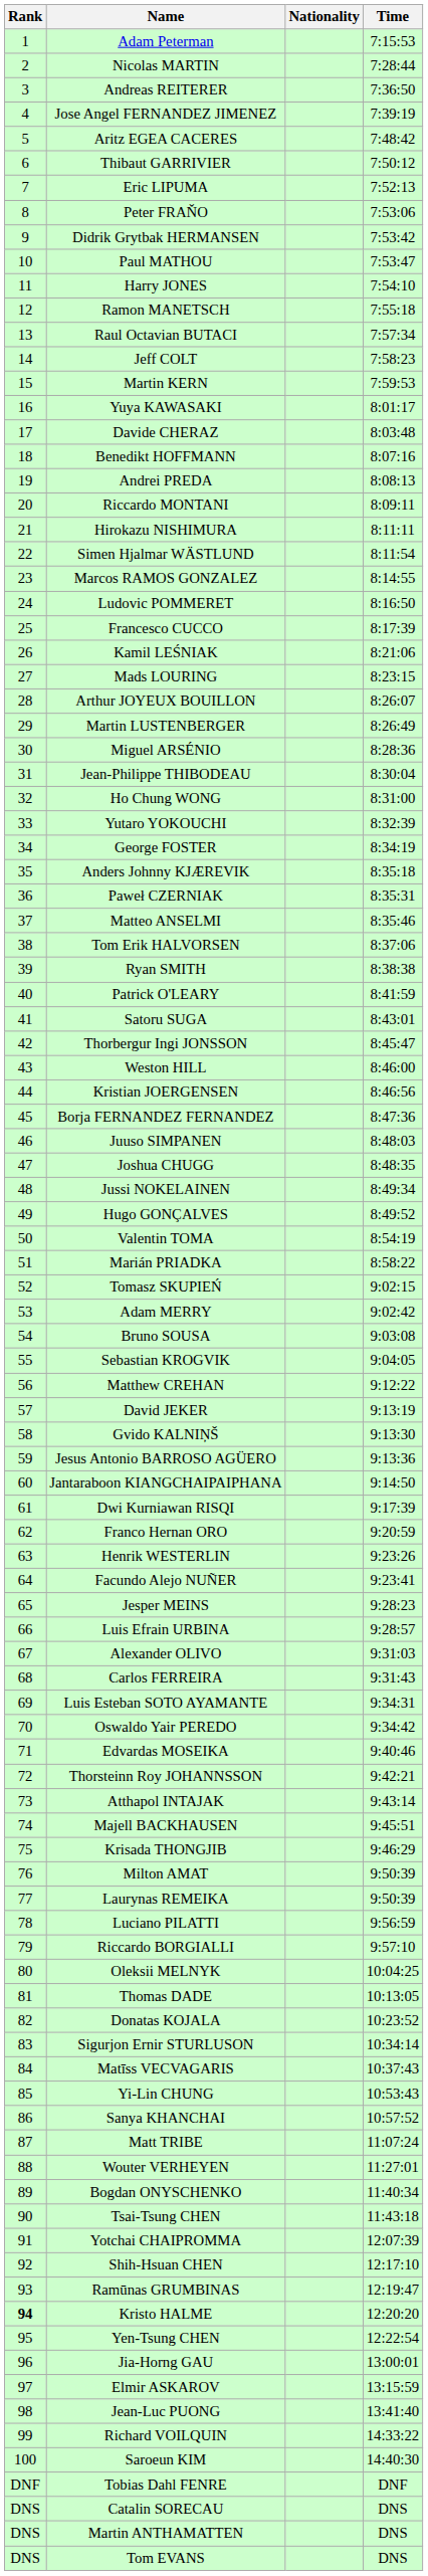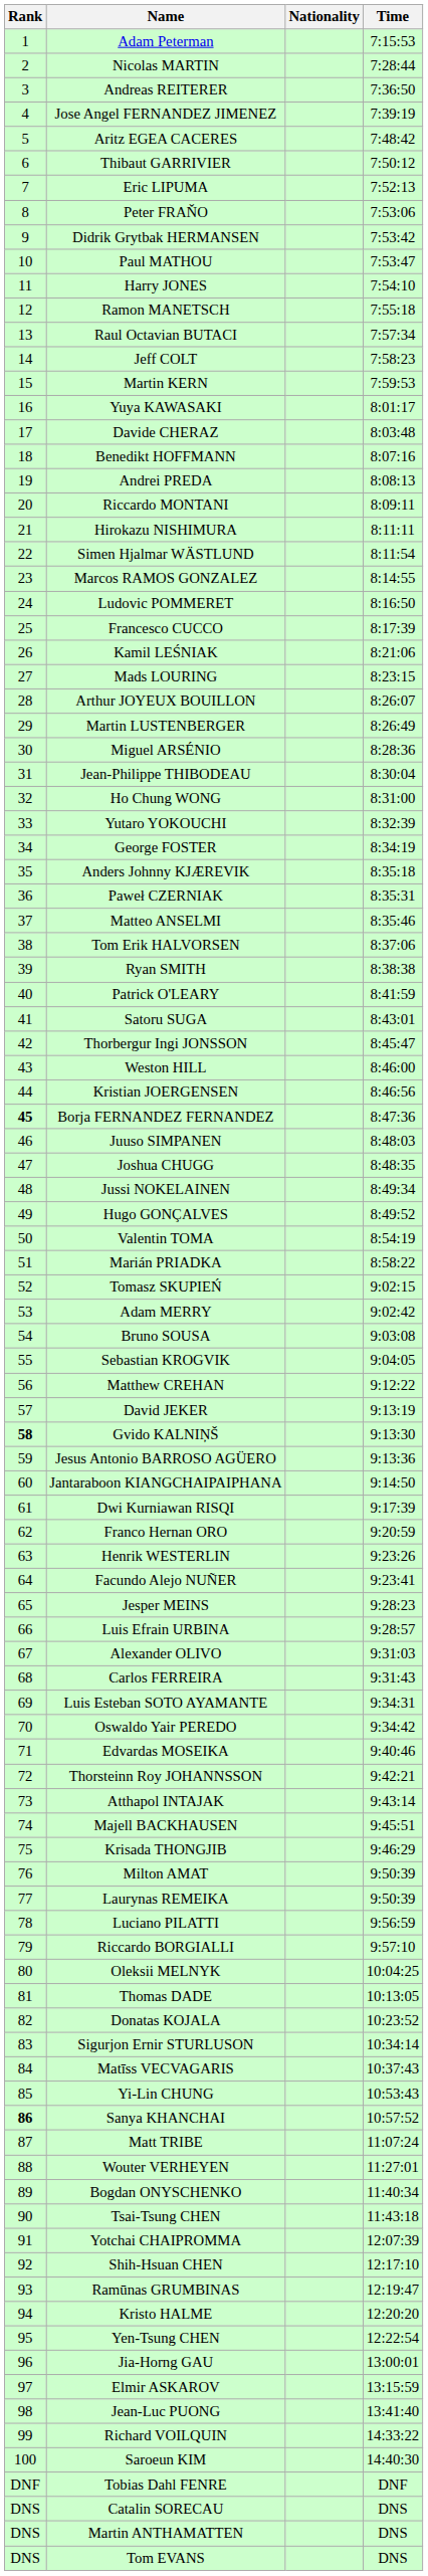 <table class="wikitable sortable" style="text-align:center;font-size:95%">
 <tr>
 <th>Rank</th>
 <th>Name</th>
 <th>Nationality</th>
 <th>Time</th>
 </tr>
 <tr bgcolor=ccffcc>
 <td>1</td>
 <td><a href='#'>Adam Peterman</a></td>
 <td></td>
 <td>7:15:53</td>
 </tr>
 <tr bgcolor=ccffcc>
 <td>2</td>
 <td>Nicolas MARTIN</td>
 <td></td>
 <td>7:28:44</td>
 </tr>
 <tr bgcolor=ccffcc>
 <td>3</td>
 <td>Andreas REITERER</td>
 <td></td>
 <td>7:36:50</td>
 </tr>
 <tr bgcolor=ccffcc>
 <td>4</td>
 <td>Jose Angel FERNANDEZ JIMENEZ</td>
 <td></td>
 <td>7:39:19</td>
 </tr>
 <tr bgcolor=ccffcc>
 <td>5</td>
 <td>Aritz EGEA CACERES</td>
 <td></td>
 <td>7:48:42</td>
 </tr>
 <tr bgcolor=ccffcc>
 <td>6</td>
 <td>Thibaut GARRIVIER</td>
 <td></td>
 <td>7:50:12</td>
 </tr>
 <tr bgcolor=ccffcc>
 <td>7</td>
 <td>Eric LIPUMA</td>
 <td></td>
 <td>7:52:13</td>
 </tr>
 <tr bgcolor=ccffcc>
 <td>8</td>
 <td>Peter FRAŇO</td>
 <td></td>
 <td>7:53:06</td>
 </tr>
 <tr bgcolor=ccffcc>
 <td>9</td>
 <td>Didrik Grytbak HERMANSEN</td>
 <td></td>
 <td>7:53:42</td>
 </tr>
 <tr bgcolor=ccffcc>
 <td>10</td>
 <td>Paul MATHOU</td>
 <td></td>
 <td>7:53:47</td>
 </tr>
 <tr bgcolor=ccffcc>
 <td>11</td>
 <td>Harry JONES</td>
 <td></td>
 <td>7:54:10</td>
 </tr>
 <tr bgcolor=ccffcc>
 <td>12</td>
 <td>Ramon MANETSCH</td>
 <td></td>
 <td>7:55:18</td>
 </tr>
 <tr bgcolor=ccffcc>
 <td>13</td>
 <td>Raul Octavian BUTACI</td>
 <td></td>
 <td>7:57:34</td>
 </tr>
 <tr bgcolor=ccffcc>
 <td>14</td>
 <td>Jeff COLT</td>
 <td></td>
 <td>7:58:23</td>
 </tr>
 <tr bgcolor=ccffcc>
 <td>15</td>
 <td>Martin KERN</td>
 <td></td>
 <td>7:59:53</td>
 </tr>
 <tr bgcolor=ccffcc>
 <td>16</td>
 <td>Yuya KAWASAKI</td>
 <td></td>
 <td>8:01:17</td>
 </tr>
 <tr bgcolor=ccffcc>
 <td>17</td>
 <td>Davide CHERAZ</td>
 <td></td>
 <td>8:03:48</td>
 </tr>
 <tr bgcolor=ccffcc>
 <td>18</td>
 <td>Benedikt HOFFMANN</td>
 <td></td>
 <td>8:07:16</td>
 </tr>
 <tr bgcolor=ccffcc>
 <td>19</td>
 <td>Andrei PREDA</td>
 <td></td>
 <td>8:08:13</td>
 </tr>
 <tr bgcolor=ccffcc>
 <td>20</td>
 <td>Riccardo MONTANI</td>
 <td></td>
 <td>8:09:11</td>
 </tr>
 <tr bgcolor=ccffcc>
 <td>21</td>
 <td>Hirokazu NISHIMURA</td>
 <td></td>
 <td>8:11:11</td>
 </tr>
 <tr bgcolor=ccffcc>
 <td>22</td>
 <td>Simen Hjalmar WÄSTLUND</td>
 <td></td>
 <td>8:11:54</td>
 </tr>
 <tr bgcolor=ccffcc>
 <td>23</td>
 <td>Marcos RAMOS GONZALEZ</td>
 <td></td>
 <td>8:14:55</td>
 </tr>
 <tr bgcolor=ccffcc>
 <td>24</td>
 <td>Ludovic POMMERET</td>
 <td></td>
 <td>8:16:50</td>
 </tr>
 <tr bgcolor=ccffcc>
 <td>25</td>
 <td>Francesco CUCCO</td>
 <td></td>
 <td>8:17:39</td>
 </tr>
 <tr bgcolor=ccffcc>
 <td>26</td>
 <td>Kamil LEŚNIAK</td>
 <td></td>
 <td>8:21:06</td>
 </tr>
 <tr bgcolor=ccffcc>
 <td>27</td>
 <td>Mads LOURING</td>
 <td></td>
 <td>8:23:15</td>
 </tr>
 <tr bgcolor=ccffcc>
 <td>28</td>
 <td>Arthur JOYEUX BOUILLON</td>
 <td></td>
 <td>8:26:07</td>
 </tr>
 <tr bgcolor=ccffcc>
 <td>29</td>
 <td>Martin LUSTENBERGER</td>
 <td></td>
 <td>8:26:49</td>
 </tr>
 <tr bgcolor=ccffcc>
 <td>30</td>
 <td>Miguel ARSÉNIO</td>
 <td></td>
 <td>8:28:36</td>
 </tr>
 <tr bgcolor=ccffcc>
 <td>31</td>
 <td>Jean-Philippe THIBODEAU</td>
 <td></td>
 <td>8:30:04</td>
 </tr>
 <tr bgcolor=ccffcc>
 <td>32</td>
 <td>Ho Chung WONG</td>
 <td></td>
 <td>8:31:00</td>
 </tr>
 <tr bgcolor=ccffcc>
 <td>33</td>
 <td>Yutaro YOKOUCHI</td>
 <td></td>
 <td>8:32:39</td>
 </tr>
 <tr bgcolor=ccffcc>
 <td>34</td>
 <td>George FOSTER</td>
 <td></td>
 <td>8:34:19</td>
 </tr>
 <tr bgcolor=ccffcc>
 <td>35</td>
 <td>Anders Johnny KJÆREVIK</td>
 <td></td>
 <td>8:35:18</td>
 </tr>
 <tr bgcolor=ccffcc>
 <td>36</td>
 <td>Paweł CZERNIAK</td>
 <td></td>
 <td>8:35:31</td>
 </tr>
 <tr bgcolor=ccffcc>
 <td>37</td>
 <td>Matteo ANSELMI</td>
 <td></td>
 <td>8:35:46</td>
 </tr>
 <tr bgcolor=ccffcc>
 <td>38</td>
 <td>Tom Erik HALVORSEN</td>
 <td></td>
 <td>8:37:06</td>
 </tr>
 <tr bgcolor=ccffcc>
 <td>39</td>
 <td>Ryan SMITH</td>
 <td></td>
 <td>8:38:38</td>
 </tr>
 <tr bgcolor=ccffcc>
 <td>40</td>
 <td>Patrick O'LEARY</td>
 <td></td>
 <td>8:41:59</td>
 </tr>
 <tr bgcolor=ccffcc>
 <td>41</td>
 <td>Satoru SUGA</td>
 <td></td>
 <td>8:43:01</td>
 </tr>
 <tr bgcolor=ccffcc>
 <td>42</td>
 <td>Thorbergur Ingi JONSSON</td>
 <td></td>
 <td>8:45:47</td>
 </tr>
 <tr bgcolor=ccffcc>
 <td>43</td>
 <td>Weston HILL</td>
 <td></td>
 <td>8:46:00</td>
 </tr>
 <tr bgcolor=ccffcc>
 <td>44</td>
 <td>Kristian JOERGENSEN</td>
 <td></td>
 <td>8:46:56</td>
 </tr>
 <tr bgcolor=ccffcc>
-<td>45</td>
+<td><strong>45</strong></td>
 <td>Borja FERNANDEZ FERNANDEZ</td>
 <td></td>
 <td>8:47:36</td>
 </tr>
 <tr bgcolor=ccffcc>
 <td>46</td>
 <td>Juuso SIMPANEN</td>
 <td></td>
 <td>8:48:03</td>
 </tr>
 <tr bgcolor=ccffcc>
 <td>47</td>
 <td>Joshua CHUGG</td>
 <td></td>
 <td>8:48:35</td>
 </tr>
 <tr bgcolor=ccffcc>
 <td>48</td>
 <td>Jussi NOKELAINEN</td>
 <td></td>
 <td>8:49:34</td>
 </tr>
 <tr bgcolor=ccffcc>
 <td>49</td>
 <td>Hugo GONÇALVES</td>
 <td></td>
 <td>8:49:52</td>
 </tr>
 <tr bgcolor=ccffcc>
 <td>50</td>
 <td>Valentin TOMA</td>
 <td></td>
 <td>8:54:19</td>
 </tr>
 <tr bgcolor=ccffcc>
 <td>51</td>
 <td>Marián PRIADKA</td>
 <td></td>
 <td>8:58:22</td>
 </tr>
 <tr bgcolor=ccffcc>
 <td>52</td>
 <td>Tomasz SKUPIEŃ</td>
 <td></td>
 <td>9:02:15</td>
 </tr>
 <tr bgcolor=ccffcc>
 <td>53</td>
 <td>Adam MERRY</td>
 <td></td>
 <td>9:02:42</td>
 </tr>
 <tr bgcolor=ccffcc>
 <td>54</td>
 <td>Bruno SOUSA</td>
 <td></td>
 <td>9:03:08</td>
 </tr>
 <tr bgcolor=ccffcc>
 <td>55</td>
 <td>Sebastian KROGVIK</td>
 <td></td>
 <td>9:04:05</td>
 </tr>
 <tr bgcolor=ccffcc>
 <td>56</td>
 <td>Matthew CREHAN</td>
 <td></td>
 <td>9:12:22</td>
 </tr>
 <tr bgcolor=ccffcc>
 <td>57</td>
 <td>David JEKER</td>
 <td></td>
 <td>9:13:19</td>
 </tr>
 <tr bgcolor=ccffcc>
-<td>58</td>
+<td><strong>58</strong></td>
 <td>Gvido KALNIŅŠ</td>
 <td></td>
 <td>9:13:30</td>
 </tr>
 <tr bgcolor=ccffcc>
 <td>59</td>
 <td>Jesus Antonio BARROSO AGÜERO</td>
 <td></td>
 <td>9:13:36</td>
 </tr>
 <tr bgcolor=ccffcc>
 <td>60</td>
 <td>Jantaraboon KIANGCHAIPAIPHANA</td>
 <td></td>
 <td>9:14:50</td>
 </tr>
 <tr bgcolor=ccffcc>
 <td>61</td>
 <td>Dwi Kurniawan RISQI</td>
 <td></td>
 <td>9:17:39</td>
 </tr>
 <tr bgcolor=ccffcc>
 <td>62</td>
 <td>Franco Hernan ORO</td>
 <td></td>
 <td>9:20:59</td>
 </tr>
 <tr bgcolor=ccffcc>
 <td>63</td>
 <td>Henrik WESTERLIN</td>
 <td></td>
 <td>9:23:26</td>
 </tr>
 <tr bgcolor=ccffcc>
 <td>64</td>
 <td>Facundo Alejo NUÑER</td>
 <td></td>
 <td>9:23:41</td>
 </tr>
 <tr bgcolor=ccffcc>
 <td>65</td>
 <td>Jesper MEINS</td>
 <td></td>
 <td>9:28:23</td>
 </tr>
 <tr bgcolor=ccffcc>
 <td>66</td>
 <td>Luis Efrain URBINA</td>
 <td></td>
 <td>9:28:57</td>
 </tr>
 <tr bgcolor=ccffcc>
 <td>67</td>
 <td>Alexander OLIVO</td>
 <td></td>
 <td>9:31:03</td>
 </tr>
 <tr bgcolor=ccffcc>
 <td>68</td>
 <td>Carlos FERREIRA</td>
 <td></td>
 <td>9:31:43</td>
 </tr>
 <tr bgcolor=ccffcc>
 <td>69</td>
 <td>Luis Esteban SOTO AYAMANTE</td>
 <td></td>
 <td>9:34:31</td>
 </tr>
 <tr bgcolor=ccffcc>
 <td>70</td>
 <td>Oswaldo Yair PEREDO</td>
 <td></td>
 <td>9:34:42</td>
 </tr>
 <tr bgcolor=ccffcc>
 <td>71</td>
 <td>Edvardas MOSEIKA</td>
 <td></td>
 <td>9:40:46</td>
 </tr>
 <tr bgcolor=ccffcc>
 <td>72</td>
 <td>Thorsteinn Roy JOHANNSSON</td>
 <td></td>
 <td>9:42:21</td>
 </tr>
 <tr bgcolor=ccffcc>
 <td>73</td>
 <td>Atthapol INTAJAK</td>
 <td></td>
 <td>9:43:14</td>
 </tr>
 <tr bgcolor=ccffcc>
 <td>74</td>
 <td>Majell BACKHAUSEN</td>
 <td></td>
 <td>9:45:51</td>
 </tr>
 <tr bgcolor=ccffcc>
 <td>75</td>
 <td>Krisada THONGJIB</td>
 <td></td>
 <td>9:46:29</td>
 </tr>
 <tr bgcolor=ccffcc>
 <td>76</td>
 <td>Milton AMAT</td>
 <td></td>
 <td>9:50:39</td>
 </tr>
 <tr bgcolor=ccffcc>
 <td>77</td>
 <td>Laurynas REMEIKA</td>
 <td></td>
 <td>9:50:39</td>
 </tr>
 <tr bgcolor=ccffcc>
 <td>78</td>
 <td>Luciano PILATTI</td>
 <td></td>
 <td>9:56:59</td>
 </tr>
 <tr bgcolor=ccffcc>
 <td>79</td>
 <td>Riccardo BORGIALLI</td>
 <td></td>
 <td>9:57:10</td>
 </tr>
 <tr bgcolor=ccffcc>
 <td>80</td>
 <td>Oleksii MELNYK</td>
 <td></td>
 <td>10:04:25</td>
 </tr>
 <tr bgcolor=ccffcc>
 <td>81</td>
 <td>Thomas DADE</td>
 <td></td>
 <td>10:13:05</td>
 </tr>
 <tr bgcolor=ccffcc>
 <td>82</td>
 <td>Donatas KOJALA</td>
 <td></td>
 <td>10:23:52</td>
 </tr>
 <tr bgcolor=ccffcc>
 <td>83</td>
 <td>Sigurjon Ernir STURLUSON</td>
 <td></td>
 <td>10:34:14</td>
 </tr>
 <tr bgcolor=ccffcc>
 <td>84</td>
 <td>Matīss VECVAGARIS</td>
 <td></td>
 <td>10:37:43</td>
 </tr>
 <tr bgcolor=ccffcc>
 <td>85</td>
 <td>Yi-Lin CHUNG</td>
 <td></td>
 <td>10:53:43</td>
 </tr>
 <tr bgcolor=ccffcc>
-<td>86</td>
+<td><strong>86</strong></td>
 <td>Sanya KHANCHAI</td>
 <td></td>
 <td>10:57:52</td>
 </tr>
 <tr bgcolor=ccffcc>
 <td>87</td>
 <td>Matt TRIBE</td>
 <td></td>
 <td>11:07:24</td>
 </tr>
 <tr bgcolor=ccffcc>
 <td>88</td>
 <td>Wouter VERHEYEN</td>
 <td></td>
 <td>11:27:01</td>
 </tr>
 <tr bgcolor=ccffcc>
 <td>89</td>
 <td>Bogdan ONYSCHENKO</td>
 <td></td>
 <td>11:40:34</td>
 </tr>
 <tr bgcolor=ccffcc>
 <td>90</td>
 <td>Tsai-Tsung CHEN</td>
 <td></td>
 <td>11:43:18</td>
 </tr>
 <tr bgcolor=ccffcc>
 <td>91</td>
 <td>Yotchai CHAIPROMMA</td>
 <td></td>
 <td>12:07:39</td>
 </tr>
 <tr bgcolor=ccffcc>
 <td>92</td>
 <td>Shih-Hsuan CHEN</td>
 <td></td>
 <td>12:17:10</td>
 </tr>
 <tr bgcolor=ccffcc>
 <td>93</td>
 <td>Ramūnas GRUMBINAS</td>
 <td></td>
 <td>12:19:47</td>
 </tr>
 <tr bgcolor=ccffcc>
-<td><strong>94</strong></td>
+<td>94</td>
 <td>Kristo HALME</td>
 <td></td>
 <td>12:20:20</td>
 </tr>
 <tr bgcolor=ccffcc>
 <td>95</td>
 <td>Yen-Tsung CHEN</td>
 <td></td>
 <td>12:22:54</td>
 </tr>
 <tr bgcolor=ccffcc>
 <td>96</td>
 <td>Jia-Horng GAU</td>
 <td></td>
 <td>13:00:01</td>
 </tr>
 <tr bgcolor=ccffcc>
 <td>97</td>
 <td>Elmir ASKAROV</td>
 <td></td>
 <td>13:15:59</td>
 </tr>
 <tr bgcolor=ccffcc>
 <td>98</td>
 <td>Jean-Luc PUONG</td>
 <td></td>
 <td>13:41:40</td>
 </tr>
 <tr bgcolor=ccffcc>
 <td>99</td>
 <td>Richard VOILQUIN</td>
 <td></td>
 <td>14:33:22</td>
 </tr>
 <tr bgcolor=ccffcc>
 <td>100</td>
 <td>Saroeun KIM</td>
 <td></td>
 <td>14:40:30</td>
 </tr>
 <tr bgcolor=ccffcc>
 <td>DNF</td>
 <td>Tobias Dahl FENRE</td>
 <td></td>
 <td>DNF</td>
 </tr>
 <tr bgcolor=ccffcc>
 <td>DNS</td>
 <td>Catalin SORECAU</td>
 <td></td>
 <td>DNS</td>
 </tr>
 <tr bgcolor=ccffcc>
 <td>DNS</td>
 <td>Martin ANTHAMATTEN</td>
 <td></td>
 <td>DNS</td>
 </tr>
 <tr bgcolor=ccffcc>
 <td>DNS</td>
 <td>Tom EVANS</td>
 <td></td>
 <td>DNS</td>
 </tr>
 </table>
